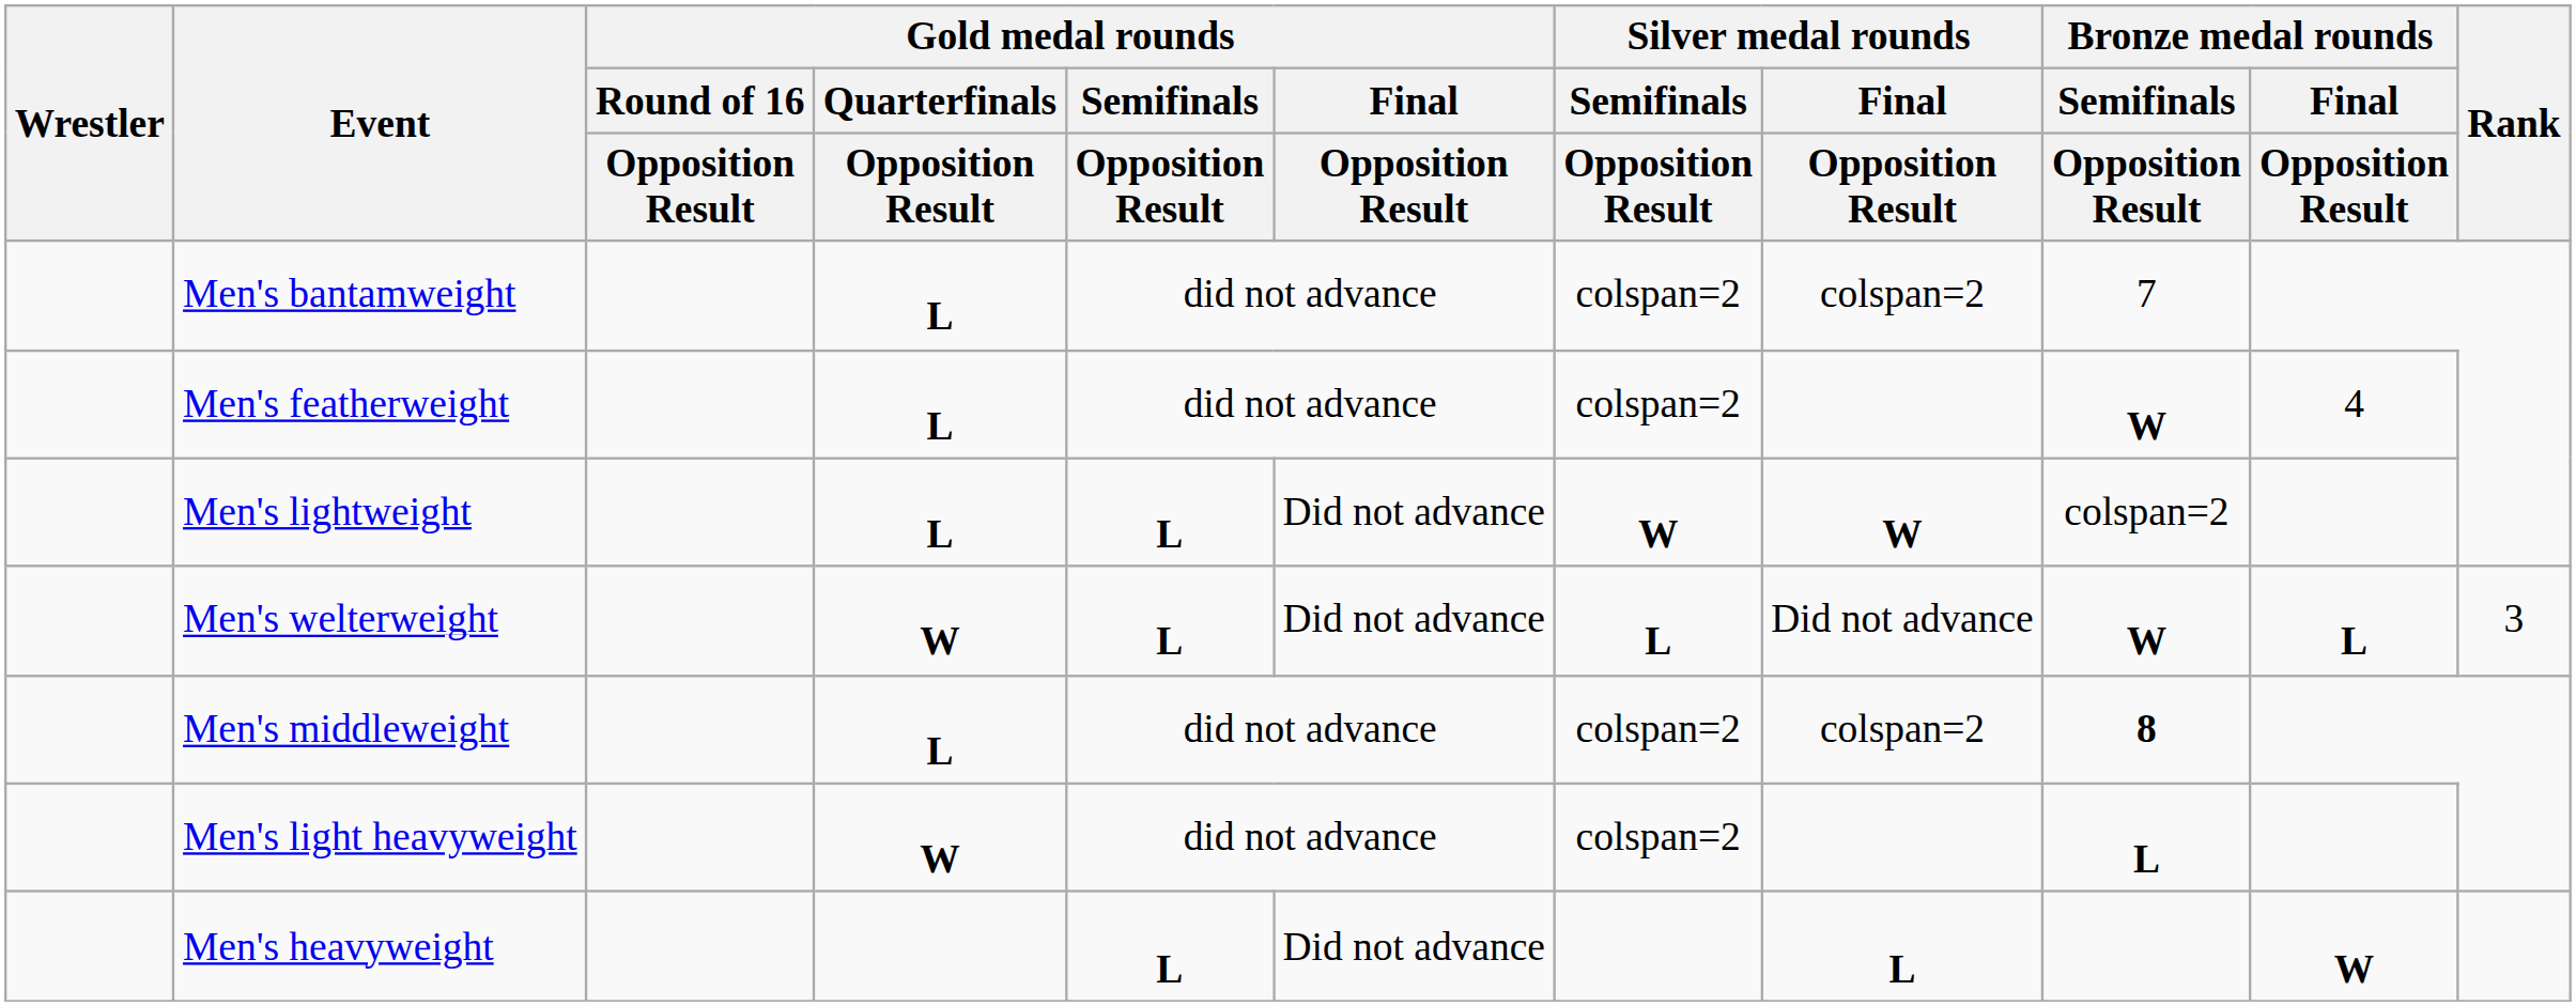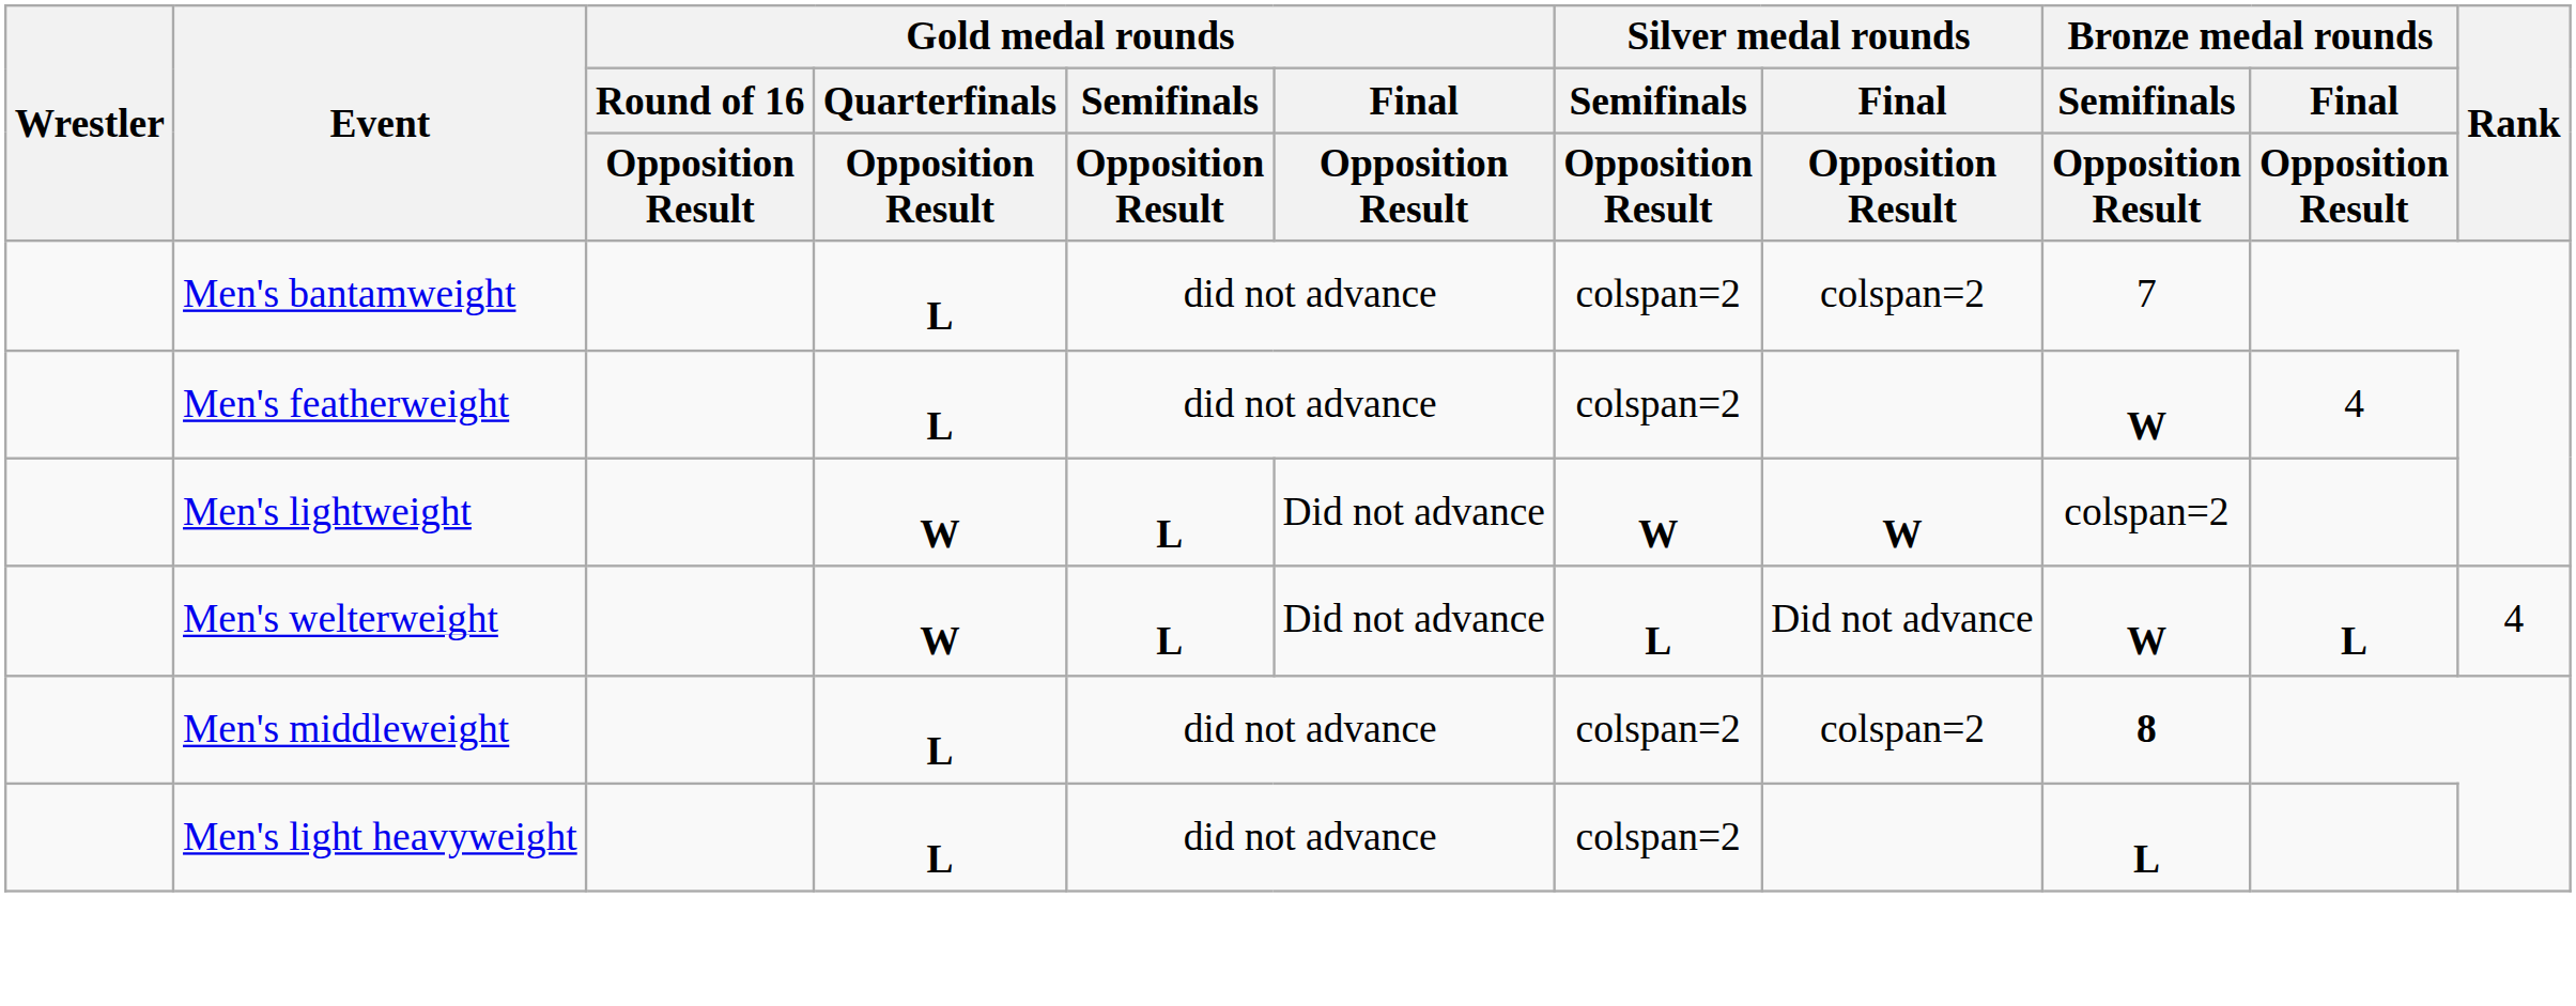 <table class="wikitable sortable" style=text-align:center>
 <tr>
 <th rowspan=3>Wrestler</th>
 <th rowspan=3>Event</th>
 <th colspan=4>Gold medal rounds</th>
 <th colspan=2>Silver medal rounds</th>
 <th colspan=2>Bronze medal rounds</th>
 <th rowspan=3>Rank</th>
 </tr>
 <tr>
 <th>Round of 16</th>
 <th>Quarterfinals</th>
 <th>Semifinals</th>
 <th>Final</th>
 <th>Semifinals</th>
 <th>Final</th>
 <th>Semifinals</th>
 <th>Final</th>
 </tr>
 <tr>
 <th>Opposition<br>Result</th>
 <th>Opposition<br>Result</th>
 <th>Opposition<br>Result</th>
 <th>Opposition<br>Result</th>
 <th>Opposition<br>Result</th>
 <th>Opposition<br>Result</th>
 <th>Opposition<br>Result</th>
 <th>Opposition<br>Result</th>
 </tr>
 <tr>
 <td align=left></td>
 <td align=left><a href='#'>Men's bantamweight</a></td>
 <td></td>
 <td><br><strong>L</strong></td>
 <td colspan=2>did not advance</td>
 <td>colspan=2 </td>
 <td>colspan=2 </td>
 <td>7</td>
 </tr>
 <tr>
 <td align=left></td>
 <td align=left><a href='#'>Men's featherweight</a></td>
 <td></td>
 <td><br><strong>L</strong></td>
 <td colspan=2>did not advance</td>
 <td>colspan=2 </td>
 <td></td>
 <td><br><strong>W</strong></td>
 <td>4</td>
 </tr>
 <tr>
 <td align=left><strong></strong></td>
 <td align=left><a href='#'>Men's lightweight</a></td>
 <td></td>
-<td><br><strong>L</strong></td>
+<td><br><strong>W</strong></td>
 <td><br><strong>L</strong></td>
 <td>Did not advance</td>
 <td><br><strong>W</strong></td>
 <td><br><strong>W</strong></td>
 <td>colspan=2 </td>
 <td></td>
 </tr>
 <tr>
 <td align=left></td>
 <td align=left><a href='#'>Men's welterweight</a></td>
 <td></td>
 <td><br><strong>W</strong></td>
 <td><br><strong>L</strong></td>
 <td>Did not advance</td>
 <td><br><strong>L</strong></td>
 <td>Did not advance</td>
 <td><br><strong>W</strong></td>
 <td><br><strong>L</strong></td>
-<td>3</td>
+<td>4</td>
 </tr>
 <tr>
 <td align=left></td>
 <td align=left><a href='#'>Men's middleweight</a></td>
 <td></td>
 <td><br><strong>L</strong></td>
 <td colspan=2>did not advance</td>
 <td>colspan=2 </td>
 <td>colspan=2 </td>
 <td><strong>8</strong></td>
 </tr>
 <tr>
 <td align=left><strong></strong></td>
 <td align=left><a href='#'>Men's light heavyweight</a></td>
 <td></td>
-<td><br><strong>W</strong></td>
+<td><br><strong>L</strong></td>
 <td colspan=2>did not advance</td>
 <td>colspan=2 </td>
 <td></td>
 <td><br><strong>L</strong></td>
 <td></td>
 </tr>
-<tr>
-<td align=left><strong></strong></td>
-<td align=left><a href='#'>Men's heavyweight</a></td>
-<td></td>
-<td></td>
-<td><br><strong>L</strong></td>
-<td>Did not advance</td>
-<td></td>
-<td><br><strong>L</strong></td>
-<td></td>
-<td><br><strong>W</strong></td>
-<td></td>
-</tr>
 </table>
